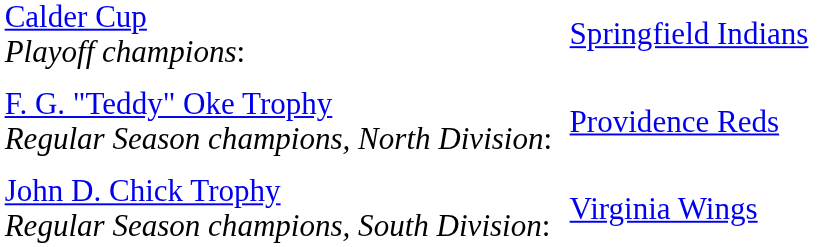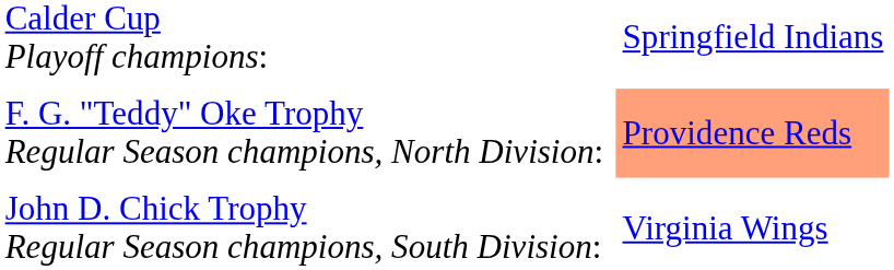 <table cellpadding="3" cellspacing="3">
 <tr>
 <td><a href='#'>Calder Cup</a><br><em>Playoff champions</em>:</td>
 <td><a href='#'>Springfield Indians</a></td>
 </tr>
 <tr>
 <td><a href='#'>F. G. "Teddy" Oke Trophy</a><br><em>Regular Season champions, North Division</em>:</td>
-<td><a href='#'>Providence Reds</a></td>
+<td style="background: lightsalmon;"><a href='#'>Providence Reds</a></td>
 </tr>
 <tr>
 <td><a href='#'>John D. Chick Trophy</a><br><em>Regular Season champions, South Division</em>:</td>
 <td><a href='#'>Virginia Wings</a></td>
 </tr>
 </table>
